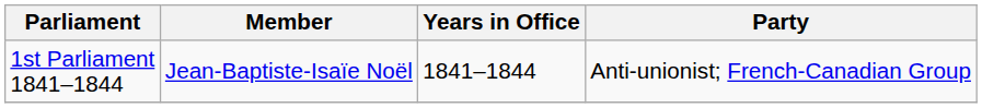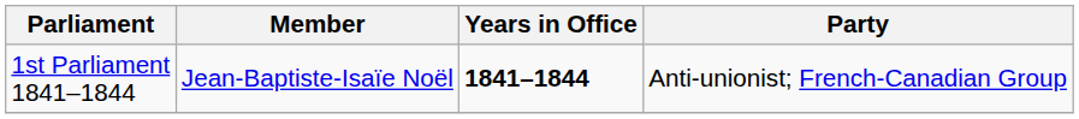 <table class="wikitable">
 <tr>
 <th>Parliament</th>
 <th>Member</th>
 <th>Years in Office</th>
 <th>Party</th>
 </tr>
 <tr>
 <td><a href='#'>1st Parliament</a><br>1841–1844</td>
 <td><a href='#'>Jean-Baptiste-Isaïe Noël</a></td>
-<td>1841–1844</td>
+<td><strong>1841–1844</strong></td>
 <td>Anti-unionist; <a href='#'>French-Canadian Group</a></td>
 </tr>
 <tr>
 </tr>
 </table>
